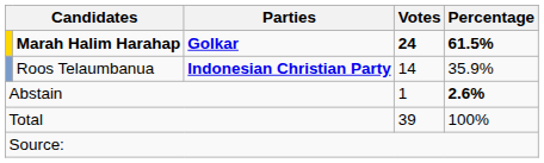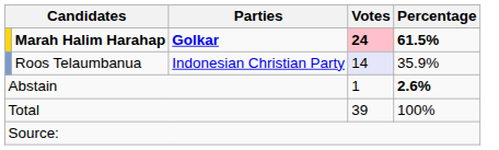 <table class="wikitable">
 <tr>
 <th colspan="2">Candidates</th>
 <th>Parties</th>
 <th>Votes</th>
 <th>Percentage</th>
 </tr>
 <tr>
 <td style="background-color:#ffd800"></td>
 <td><strong>Marah Halim Harahap</strong></td>
 <td><strong><a href='#'>Golkar</a></strong></td>
-<td><strong>24</strong></td>
+<td style="background: pink;"><strong>24</strong></td>
 <td><strong>61.5%</strong></td>
 </tr>
 <tr>
 <td style="background-color:#799BCB"></td>
 <td>Roos Telaumbanua</td>
-<td><strong><a href='#'>Indonesian Christian Party</a></strong></td>
-<td>14</td>
+<td><a href='#'>Indonesian Christian Party</a></td>
+<td style="background: lavender;">14</td>
 <td>35.9%</td>
 </tr>
 <tr>
 <td colspan="3">Abstain</td>
 <td>1</td>
 <td><strong>2.6%</strong></td>
 </tr>
 <tr>
 <td colspan="3">Total</td>
 <td>39</td>
 <td>100%</td>
 </tr>
 <tr>
 <td colspan="5">Source:</td>
 </tr>
 </table>
